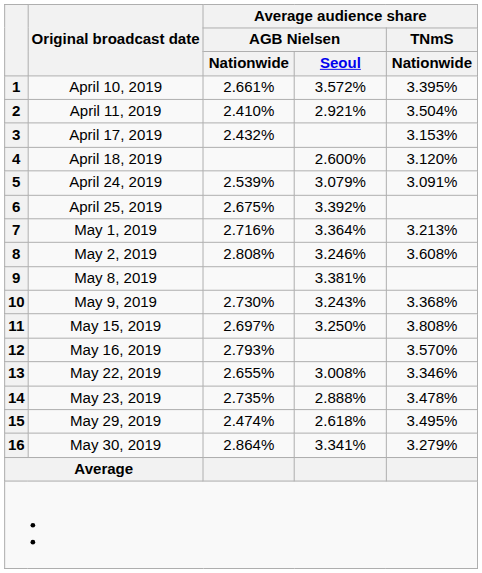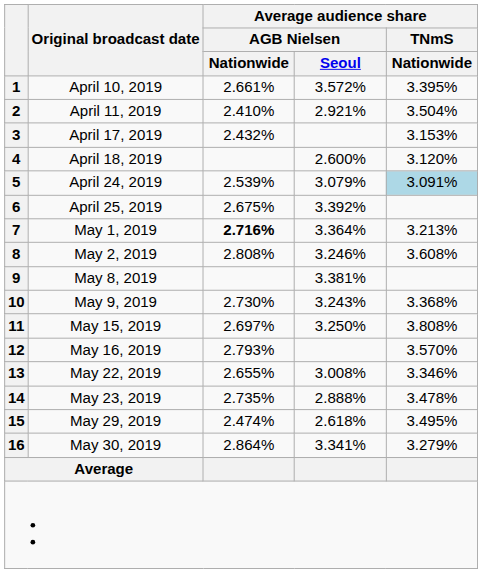 <table class="wikitable" style="text-align:center;max-width:550px; margin-left: auto; margin-right: auto; border: none;">
 <tr>
 </tr>
 <tr>
 <th rowspan="3"></th>
 <th rowspan="3">Original broadcast date</th>
 <th colspan="3">Average audience share</th>
 </tr>
 <tr>
 <th colspan="2">AGB Nielsen</th>
 <th>TNmS</th>
 </tr>
 <tr>
 <th width="90">Nationwide</th>
 <th width="90"><a href='#'>Seoul</a></th>
 <th width="90">Nationwide</th>
 </tr>
 <tr>
 <th>1</th>
 <td>April 10, 2019</td>
 <td>2.661%</td>
 <td>3.572%</td>
 <td>3.395%</td>
 </tr>
 <tr>
 <th>2</th>
 <td>April 11, 2019</td>
 <td>2.410%</td>
 <td>2.921%</td>
 <td>3.504%</td>
 </tr>
 <tr>
 <th>3</th>
 <td>April 17, 2019</td>
 <td>2.432%</td>
 <td></td>
 <td>3.153%</td>
 </tr>
 <tr>
 <th>4</th>
 <td>April 18, 2019</td>
 <td></td>
 <td>2.600%</td>
 <td>3.120%</td>
 </tr>
 <tr>
 <th>5</th>
 <td>April 24, 2019</td>
 <td>2.539%</td>
 <td>3.079%</td>
-<td>3.091%</td>
+<td style="background: lightblue;">3.091%</td>
 </tr>
 <tr>
 <th>6</th>
 <td>April 25, 2019</td>
 <td>2.675%</td>
 <td>3.392%</td>
 <td></td>
 </tr>
 <tr>
 <th>7</th>
 <td>May 1, 2019</td>
-<td>2.716%</td>
+<td><strong>2.716%</strong></td>
 <td>3.364%</td>
 <td>3.213%</td>
 </tr>
 <tr>
 <th>8</th>
 <td>May 2, 2019</td>
 <td>2.808%</td>
 <td>3.246%</td>
 <td>3.608%</td>
 </tr>
 <tr>
 <th>9</th>
 <td>May 8, 2019</td>
 <td></td>
 <td>3.381%</td>
 <td></td>
 </tr>
 <tr>
 <th>10</th>
 <td>May 9, 2019</td>
 <td>2.730%</td>
 <td>3.243%</td>
 <td>3.368%</td>
 </tr>
 <tr>
 <th>11</th>
 <td>May 15, 2019</td>
 <td>2.697%</td>
 <td>3.250%</td>
 <td>3.808%</td>
 </tr>
 <tr>
 <th>12</th>
 <td>May 16, 2019</td>
 <td>2.793%</td>
 <td></td>
 <td>3.570%</td>
 </tr>
 <tr>
 <th>13</th>
 <td>May 22, 2019</td>
 <td>2.655%</td>
 <td>3.008%</td>
 <td>3.346%</td>
 </tr>
 <tr>
 <th>14</th>
 <td>May 23, 2019</td>
 <td>2.735%</td>
 <td>2.888%</td>
 <td>3.478%</td>
 </tr>
 <tr>
 <th>15</th>
 <td>May 29, 2019</td>
 <td>2.474%</td>
 <td>2.618%</td>
 <td>3.495%</td>
 </tr>
 <tr>
 <th>16</th>
 <td>May 30, 2019</td>
 <td>2.864%</td>
 <td>3.341%</td>
 <td>3.279%</td>
 </tr>
 <tr>
 <th colspan="2">Average</th>
 <th></th>
 <th></th>
 <th></th>
 </tr>
 <tr>
 <td colspan="6"><br><ul><li></li><li></li></ul></td>
 </tr>
 </table>
